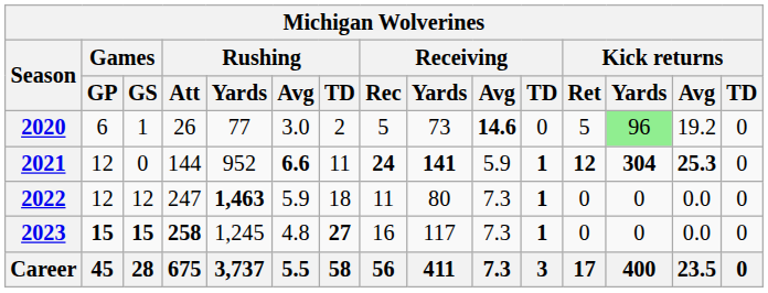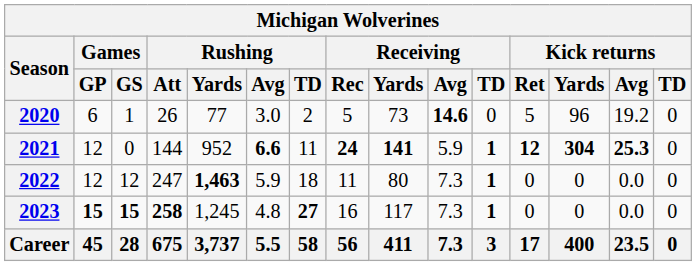 <table class="wikitable" style="text-align:center;">
 <tr>
 <th colspan="16">Michigan Wolverines</th>
 </tr>
 <tr>
 <th rowspan="2">Season</th>
 <th colspan="2">Games</th>
 <th colspan="4">Rushing</th>
 <th colspan="4">Receiving</th>
 <th colspan="4">Kick returns</th>
 </tr>
 <tr>
 <th>GP</th>
 <th>GS</th>
 <th>Att</th>
 <th>Yards</th>
 <th>Avg</th>
 <th>TD</th>
 <th>Rec</th>
 <th>Yards</th>
 <th>Avg</th>
 <th>TD</th>
 <th>Ret</th>
 <th>Yards</th>
 <th>Avg</th>
 <th>TD</th>
 </tr>
 <tr>
 <th><a href='#'>2020</a></th>
 <td>6</td>
 <td>1</td>
 <td>26</td>
 <td>77</td>
 <td>3.0</td>
 <td>2</td>
 <td>5</td>
 <td>73</td>
 <td><strong>14.6</strong></td>
 <td>0</td>
 <td>5</td>
-<td style="background: lightgreen;">96</td>
+<td>96</td>
 <td>19.2</td>
 <td>0</td>
 </tr>
 <tr>
 <th><a href='#'>2021</a></th>
 <td>12</td>
 <td>0</td>
 <td>144</td>
 <td>952</td>
 <td><strong>6.6</strong></td>
 <td>11</td>
 <td><strong>24</strong></td>
 <td><strong>141</strong></td>
 <td>5.9</td>
 <td><strong>1</strong></td>
 <td><strong>12</strong></td>
 <td><strong>304</strong></td>
 <td><strong>25.3</strong></td>
 <td>0</td>
 </tr>
 <tr>
 <th><a href='#'>2022</a></th>
 <td>12</td>
 <td>12</td>
 <td>247</td>
 <td><strong>1,463</strong></td>
 <td>5.9</td>
 <td>18</td>
 <td>11</td>
 <td>80</td>
 <td>7.3</td>
 <td><strong>1</strong></td>
 <td>0</td>
 <td>0</td>
 <td>0.0</td>
 <td>0</td>
 </tr>
 <tr>
 <th><a href='#'>2023</a></th>
 <td><strong>15</strong></td>
 <td><strong>15</strong></td>
 <td><strong>258</strong></td>
 <td>1,245</td>
 <td>4.8</td>
 <td><strong>27</strong></td>
 <td>16</td>
 <td>117</td>
 <td>7.3</td>
 <td><strong>1</strong></td>
 <td>0</td>
 <td>0</td>
 <td>0.0</td>
 <td>0</td>
 </tr>
 <tr>
 <th>Career</th>
 <th>45</th>
 <th>28</th>
 <th>675</th>
 <th>3,737</th>
 <th>5.5</th>
 <th>58</th>
 <th>56</th>
 <th>411</th>
 <th>7.3</th>
 <th>3</th>
 <th>17</th>
 <th>400</th>
 <th>23.5</th>
 <th>0</th>
 </tr>
 </table>
